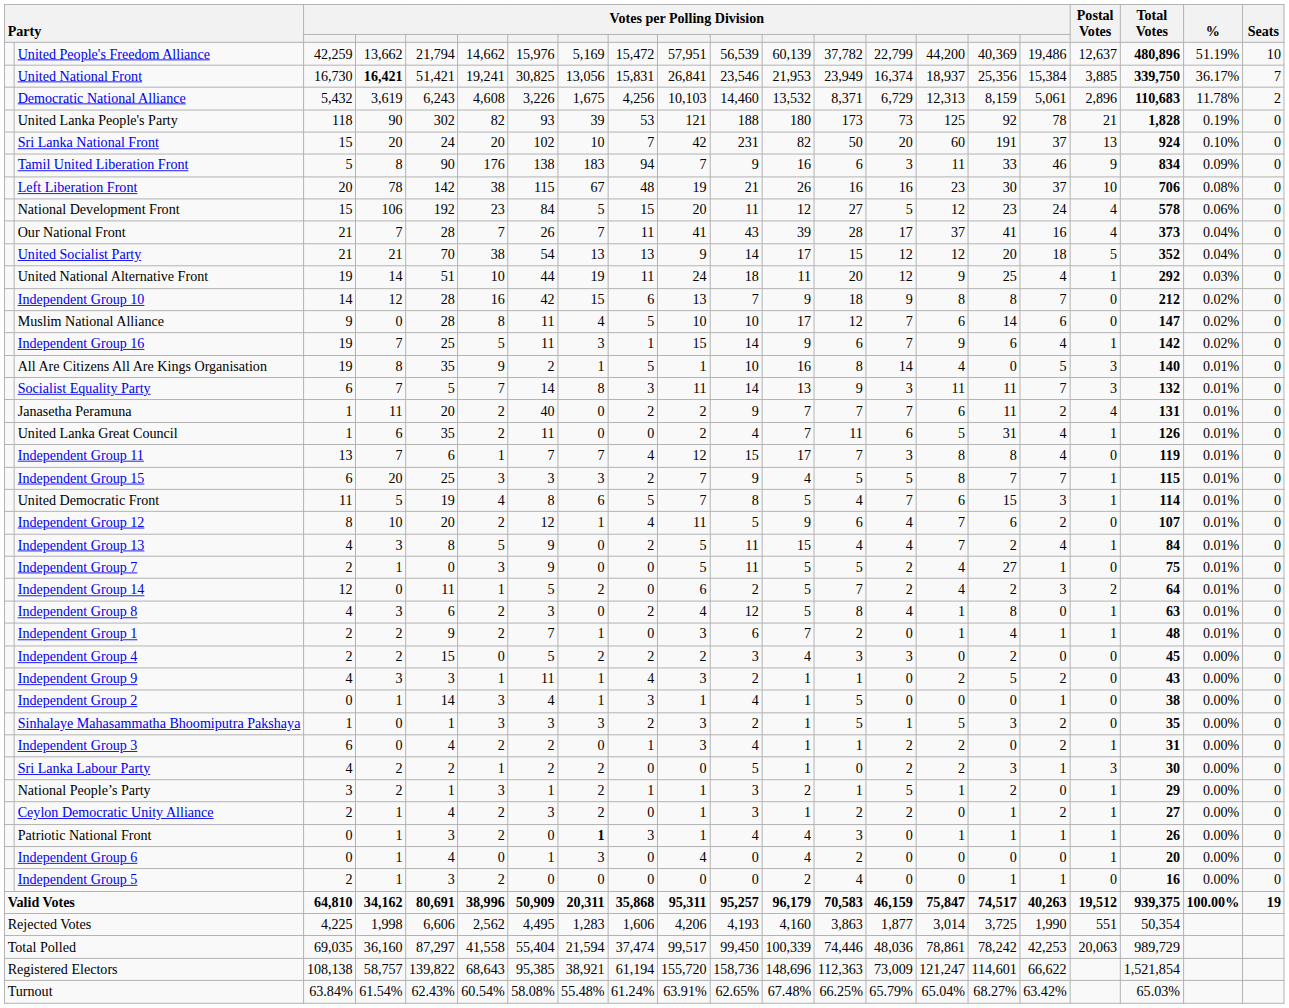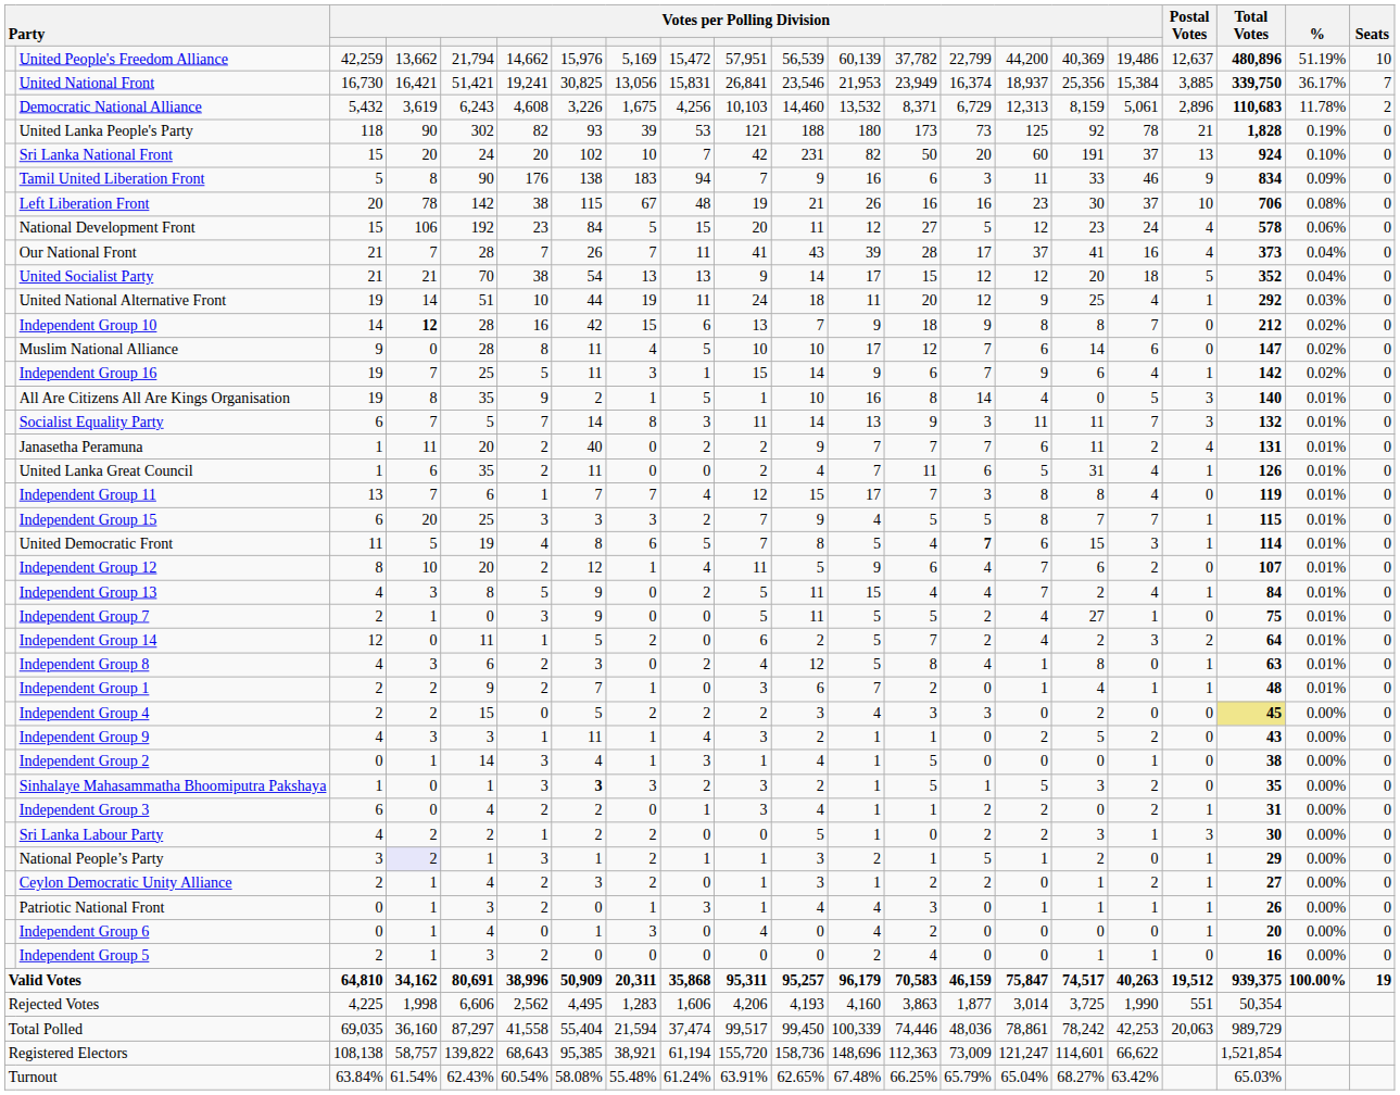 <table class="wikitable" style="text-align:right;">
 <tr>
 <th style="text-align:left; vertical-align:bottom;" rowspan="2" colspan="2">Party</th>
 <th colspan=15>Votes per Polling Division</th>
 <th rowspan="2" style="vertical-align:bottom; text-align:center; width:50px;">Postal<br>Votes</th>
 <th rowspan="2" style="vertical-align:bottom; text-align:center; width:50px;">Total Votes</th>
 <th rowspan="2" style="vertical-align:bottom; text-align:center; width:50px;">%</th>
 <th rowspan="2" style="vertical-align:bottom; text-align:center; width:40px;">Seats</th>
 </tr>
 <tr>
 <th></th>
 <th></th>
 <th></th>
 <th></th>
 <th></th>
 <th></th>
 <th></th>
 <th></th>
 <th></th>
 <th></th>
 <th></th>
 <th></th>
 <th></th>
 <th></th>
 <th></th>
 </tr>
 <tr>
 <td bgcolor=> </td>
 <td align=left><a href='#'>United People's Freedom Alliance</a></td>
 <td>42,259</td>
 <td>13,662</td>
 <td>21,794</td>
 <td>14,662</td>
 <td>15,976</td>
 <td>5,169</td>
 <td>15,472</td>
 <td>57,951</td>
 <td>56,539</td>
 <td>60,139</td>
 <td>37,782</td>
 <td>22,799</td>
 <td>44,200</td>
 <td>40,369</td>
 <td>19,486</td>
 <td>12,637</td>
 <td><strong>480,896</strong></td>
 <td>51.19%</td>
 <td>10</td>
 </tr>
 <tr>
 <td bgcolor=> </td>
 <td align=left><a href='#'>United National Front</a></td>
 <td>16,730</td>
-<td><strong>16,421</strong></td>
+<td>16,421</td>
 <td>51,421</td>
 <td>19,241</td>
 <td>30,825</td>
 <td>13,056</td>
 <td>15,831</td>
 <td>26,841</td>
 <td>23,546</td>
 <td>21,953</td>
 <td>23,949</td>
 <td>16,374</td>
 <td>18,937</td>
 <td>25,356</td>
 <td>15,384</td>
 <td>3,885</td>
 <td><strong>339,750</strong></td>
 <td>36.17%</td>
 <td>7</td>
 </tr>
 <tr>
 <td bgcolor=> </td>
 <td align=left><a href='#'>Democratic National Alliance</a></td>
 <td>5,432</td>
 <td>3,619</td>
 <td>6,243</td>
 <td>4,608</td>
 <td>3,226</td>
 <td>1,675</td>
 <td>4,256</td>
 <td>10,103</td>
 <td>14,460</td>
 <td>13,532</td>
 <td>8,371</td>
 <td>6,729</td>
 <td>12,313</td>
 <td>8,159</td>
 <td>5,061</td>
 <td>2,896</td>
 <td><strong>110,683</strong></td>
 <td>11.78%</td>
 <td>2</td>
 </tr>
 <tr>
 <td bgcolor=> </td>
 <td align=left>United Lanka People's Party</td>
 <td>118</td>
 <td>90</td>
 <td>302</td>
 <td>82</td>
 <td>93</td>
 <td>39</td>
 <td>53</td>
 <td>121</td>
 <td>188</td>
 <td>180</td>
 <td>173</td>
 <td>73</td>
 <td>125</td>
 <td>92</td>
 <td>78</td>
 <td>21</td>
 <td><strong>1,828</strong></td>
 <td>0.19%</td>
 <td>0</td>
 </tr>
 <tr>
 <td bgcolor=> </td>
 <td align=left><a href='#'>Sri Lanka National Front</a></td>
 <td>15</td>
 <td>20</td>
 <td>24</td>
 <td>20</td>
 <td>102</td>
 <td>10</td>
 <td>7</td>
 <td>42</td>
 <td>231</td>
 <td>82</td>
 <td>50</td>
 <td>20</td>
 <td>60</td>
 <td>191</td>
 <td>37</td>
 <td>13</td>
 <td><strong>924</strong></td>
 <td>0.10%</td>
 <td>0</td>
 </tr>
 <tr>
 <td bgcolor=> </td>
 <td align=left><a href='#'>Tamil United Liberation Front</a></td>
 <td>5</td>
 <td>8</td>
 <td>90</td>
 <td>176</td>
 <td>138</td>
 <td>183</td>
 <td>94</td>
 <td>7</td>
 <td>9</td>
 <td>16</td>
 <td>6</td>
 <td>3</td>
 <td>11</td>
 <td>33</td>
 <td>46</td>
 <td>9</td>
 <td><strong>834</strong></td>
 <td>0.09%</td>
 <td>0</td>
 </tr>
 <tr>
 <td bgcolor=> </td>
 <td align=left><a href='#'>Left Liberation Front</a></td>
 <td>20</td>
 <td>78</td>
 <td>142</td>
 <td>38</td>
 <td>115</td>
 <td>67</td>
 <td>48</td>
 <td>19</td>
 <td>21</td>
 <td>26</td>
 <td>16</td>
 <td>16</td>
 <td>23</td>
 <td>30</td>
 <td>37</td>
 <td>10</td>
 <td><strong>706</strong></td>
 <td>0.08%</td>
 <td>0</td>
 </tr>
 <tr>
 <td bgcolor=> </td>
 <td align=left>National Development Front</td>
 <td>15</td>
 <td>106</td>
 <td>192</td>
 <td>23</td>
 <td>84</td>
 <td>5</td>
 <td>15</td>
 <td>20</td>
 <td>11</td>
 <td>12</td>
 <td>27</td>
 <td>5</td>
 <td>12</td>
 <td>23</td>
 <td>24</td>
 <td>4</td>
 <td><strong>578</strong></td>
 <td>0.06%</td>
 <td>0</td>
 </tr>
 <tr>
 <td bgcolor=> </td>
 <td align=left>Our National Front</td>
 <td>21</td>
 <td>7</td>
 <td>28</td>
 <td>7</td>
 <td>26</td>
 <td>7</td>
 <td>11</td>
 <td>41</td>
 <td>43</td>
 <td>39</td>
 <td>28</td>
 <td>17</td>
 <td>37</td>
 <td>41</td>
 <td>16</td>
 <td>4</td>
 <td><strong>373</strong></td>
 <td>0.04%</td>
 <td>0</td>
 </tr>
 <tr>
 <td bgcolor=> </td>
 <td align=left><a href='#'>United Socialist Party</a></td>
 <td>21</td>
 <td>21</td>
 <td>70</td>
 <td>38</td>
 <td>54</td>
 <td>13</td>
 <td>13</td>
 <td>9</td>
 <td>14</td>
 <td>17</td>
 <td>15</td>
 <td>12</td>
 <td>12</td>
 <td>20</td>
 <td>18</td>
 <td>5</td>
 <td><strong>352</strong></td>
 <td>0.04%</td>
 <td>0</td>
 </tr>
 <tr>
 <td bgcolor=> </td>
 <td align=left>United National Alternative Front</td>
 <td>19</td>
 <td>14</td>
 <td>51</td>
 <td>10</td>
 <td>44</td>
 <td>19</td>
 <td>11</td>
 <td>24</td>
 <td>18</td>
 <td>11</td>
 <td>20</td>
 <td>12</td>
 <td>9</td>
 <td>25</td>
 <td>4</td>
 <td>1</td>
 <td><strong>292</strong></td>
 <td>0.03%</td>
 <td>0</td>
 </tr>
 <tr>
 <td bgcolor=> </td>
 <td align=left><a href='#'>Independent Group 10</a></td>
 <td>14</td>
-<td>12</td>
+<td><strong>12</strong></td>
 <td>28</td>
 <td>16</td>
 <td>42</td>
 <td>15</td>
 <td>6</td>
 <td>13</td>
 <td>7</td>
 <td>9</td>
 <td>18</td>
 <td>9</td>
 <td>8</td>
 <td>8</td>
 <td>7</td>
 <td>0</td>
 <td><strong>212</strong></td>
 <td>0.02%</td>
 <td>0</td>
 </tr>
 <tr>
 <td bgcolor=> </td>
 <td align=left>Muslim National Alliance</td>
 <td>9</td>
 <td>0</td>
 <td>28</td>
 <td>8</td>
 <td>11</td>
 <td>4</td>
 <td>5</td>
 <td>10</td>
 <td>10</td>
 <td>17</td>
 <td>12</td>
 <td>7</td>
 <td>6</td>
 <td>14</td>
 <td>6</td>
 <td>0</td>
 <td><strong>147</strong></td>
 <td>0.02%</td>
 <td>0</td>
 </tr>
 <tr>
 <td bgcolor=> </td>
 <td align=left><a href='#'>Independent Group 16</a></td>
 <td>19</td>
 <td>7</td>
 <td>25</td>
 <td>5</td>
 <td>11</td>
 <td>3</td>
 <td>1</td>
 <td>15</td>
 <td>14</td>
 <td>9</td>
 <td>6</td>
 <td>7</td>
 <td>9</td>
 <td>6</td>
 <td>4</td>
 <td>1</td>
 <td><strong>142</strong></td>
 <td>0.02%</td>
 <td>0</td>
 </tr>
 <tr>
 <td bgcolor=> </td>
 <td align=left>All Are Citizens All Are Kings Organisation</td>
 <td>19</td>
 <td>8</td>
 <td>35</td>
 <td>9</td>
 <td>2</td>
 <td>1</td>
 <td>5</td>
 <td>1</td>
 <td>10</td>
 <td>16</td>
 <td>8</td>
 <td>14</td>
 <td>4</td>
 <td>0</td>
 <td>5</td>
 <td>3</td>
 <td><strong>140</strong></td>
 <td>0.01%</td>
 <td>0</td>
 </tr>
 <tr>
 <td bgcolor=> </td>
 <td align=left><a href='#'>Socialist Equality Party</a></td>
 <td>6</td>
 <td>7</td>
 <td>5</td>
 <td>7</td>
 <td>14</td>
 <td>8</td>
 <td>3</td>
 <td>11</td>
 <td>14</td>
 <td>13</td>
 <td>9</td>
 <td>3</td>
 <td>11</td>
 <td>11</td>
 <td>7</td>
 <td>3</td>
 <td><strong>132</strong></td>
 <td>0.01%</td>
 <td>0</td>
 </tr>
 <tr>
 <td bgcolor=> </td>
 <td align=left>Janasetha Peramuna</td>
 <td>1</td>
 <td>11</td>
 <td>20</td>
 <td>2</td>
 <td>40</td>
 <td>0</td>
 <td>2</td>
 <td>2</td>
 <td>9</td>
 <td>7</td>
 <td>7</td>
 <td>7</td>
 <td>6</td>
 <td>11</td>
 <td>2</td>
 <td>4</td>
 <td><strong>131</strong></td>
 <td>0.01%</td>
 <td>0</td>
 </tr>
 <tr>
 <td bgcolor=> </td>
 <td align=left>United Lanka Great Council</td>
 <td>1</td>
 <td>6</td>
 <td>35</td>
 <td>2</td>
 <td>11</td>
 <td>0</td>
 <td>0</td>
 <td>2</td>
 <td>4</td>
 <td>7</td>
 <td>11</td>
 <td>6</td>
 <td>5</td>
 <td>31</td>
 <td>4</td>
 <td>1</td>
 <td><strong>126</strong></td>
 <td>0.01%</td>
 <td>0</td>
 </tr>
 <tr>
 <td bgcolor=> </td>
 <td align=left><a href='#'>Independent Group 11</a></td>
 <td>13</td>
 <td>7</td>
 <td>6</td>
 <td>1</td>
 <td>7</td>
 <td>7</td>
 <td>4</td>
 <td>12</td>
 <td>15</td>
 <td>17</td>
 <td>7</td>
 <td>3</td>
 <td>8</td>
 <td>8</td>
 <td>4</td>
 <td>0</td>
 <td><strong>119</strong></td>
 <td>0.01%</td>
 <td>0</td>
 </tr>
 <tr>
 <td bgcolor=> </td>
 <td align=left><a href='#'>Independent Group 15</a></td>
 <td>6</td>
 <td>20</td>
 <td>25</td>
 <td>3</td>
 <td>3</td>
 <td>3</td>
 <td>2</td>
 <td>7</td>
 <td>9</td>
 <td>4</td>
 <td>5</td>
 <td>5</td>
 <td>8</td>
 <td>7</td>
 <td>7</td>
 <td>1</td>
 <td><strong>115</strong></td>
 <td>0.01%</td>
 <td>0</td>
 </tr>
 <tr>
 <td bgcolor=> </td>
 <td align=left>United Democratic Front</td>
 <td>11</td>
 <td>5</td>
 <td>19</td>
 <td>4</td>
 <td>8</td>
 <td>6</td>
 <td>5</td>
 <td>7</td>
 <td>8</td>
 <td>5</td>
 <td>4</td>
-<td>7</td>
+<td><strong>7</strong></td>
 <td>6</td>
 <td>15</td>
 <td>3</td>
 <td>1</td>
 <td><strong>114</strong></td>
 <td>0.01%</td>
 <td>0</td>
 </tr>
 <tr>
 <td bgcolor=> </td>
 <td align=left><a href='#'>Independent Group 12</a></td>
 <td>8</td>
 <td>10</td>
 <td>20</td>
 <td>2</td>
 <td>12</td>
 <td>1</td>
 <td>4</td>
 <td>11</td>
 <td>5</td>
 <td>9</td>
 <td>6</td>
 <td>4</td>
 <td>7</td>
 <td>6</td>
 <td>2</td>
 <td>0</td>
 <td><strong>107</strong></td>
 <td>0.01%</td>
 <td>0</td>
 </tr>
 <tr>
 <td bgcolor=> </td>
 <td align=left><a href='#'>Independent Group 13</a></td>
 <td>4</td>
 <td>3</td>
 <td>8</td>
 <td>5</td>
 <td>9</td>
 <td>0</td>
 <td>2</td>
 <td>5</td>
 <td>11</td>
 <td>15</td>
 <td>4</td>
 <td>4</td>
 <td>7</td>
 <td>2</td>
 <td>4</td>
 <td>1</td>
 <td><strong>84</strong></td>
 <td>0.01%</td>
 <td>0</td>
 </tr>
 <tr>
 <td bgcolor=> </td>
 <td align=left><a href='#'>Independent Group 7</a></td>
 <td>2</td>
 <td>1</td>
 <td>0</td>
 <td>3</td>
 <td>9</td>
 <td>0</td>
 <td>0</td>
 <td>5</td>
 <td>11</td>
 <td>5</td>
 <td>5</td>
 <td>2</td>
 <td>4</td>
 <td>27</td>
 <td>1</td>
 <td>0</td>
 <td><strong>75</strong></td>
 <td>0.01%</td>
 <td>0</td>
 </tr>
 <tr>
 <td bgcolor=> </td>
 <td align=left><a href='#'>Independent Group 14</a></td>
 <td>12</td>
 <td>0</td>
 <td>11</td>
 <td>1</td>
 <td>5</td>
 <td>2</td>
 <td>0</td>
 <td>6</td>
 <td>2</td>
 <td>5</td>
 <td>7</td>
 <td>2</td>
 <td>4</td>
 <td>2</td>
 <td>3</td>
 <td>2</td>
 <td><strong>64</strong></td>
 <td>0.01%</td>
 <td>0</td>
 </tr>
 <tr>
 <td bgcolor=> </td>
 <td align=left><a href='#'>Independent Group 8</a></td>
 <td>4</td>
 <td>3</td>
 <td>6</td>
 <td>2</td>
 <td>3</td>
 <td>0</td>
 <td>2</td>
 <td>4</td>
 <td>12</td>
 <td>5</td>
 <td>8</td>
 <td>4</td>
 <td>1</td>
 <td>8</td>
 <td>0</td>
 <td>1</td>
 <td><strong>63</strong></td>
 <td>0.01%</td>
 <td>0</td>
 </tr>
 <tr>
 <td bgcolor=> </td>
 <td align=left><a href='#'>Independent Group 1</a></td>
 <td>2</td>
 <td>2</td>
 <td>9</td>
 <td>2</td>
 <td>7</td>
 <td>1</td>
 <td>0</td>
 <td>3</td>
 <td>6</td>
 <td>7</td>
 <td>2</td>
 <td>0</td>
 <td>1</td>
 <td>4</td>
 <td>1</td>
 <td>1</td>
 <td><strong>48</strong></td>
 <td>0.01%</td>
 <td>0</td>
 </tr>
 <tr>
 <td bgcolor=> </td>
 <td align=left><a href='#'>Independent Group 4</a></td>
 <td>2</td>
 <td>2</td>
 <td>15</td>
 <td>0</td>
 <td>5</td>
 <td>2</td>
 <td>2</td>
 <td>2</td>
 <td>3</td>
 <td>4</td>
 <td>3</td>
 <td>3</td>
 <td>0</td>
 <td>2</td>
 <td>0</td>
 <td>0</td>
-<td><strong>45</strong></td>
+<td style="background: khaki;"><strong>45</strong></td>
 <td>0.00%</td>
 <td>0</td>
 </tr>
 <tr>
 <td bgcolor=> </td>
 <td align=left><a href='#'>Independent Group 9</a></td>
 <td>4</td>
 <td>3</td>
 <td>3</td>
 <td>1</td>
 <td>11</td>
 <td>1</td>
 <td>4</td>
 <td>3</td>
 <td>2</td>
 <td>1</td>
 <td>1</td>
 <td>0</td>
 <td>2</td>
 <td>5</td>
 <td>2</td>
 <td>0</td>
 <td><strong>43</strong></td>
 <td>0.00%</td>
 <td>0</td>
 </tr>
 <tr>
 <td bgcolor=> </td>
 <td align=left><a href='#'>Independent Group 2</a></td>
 <td>0</td>
 <td>1</td>
 <td>14</td>
 <td>3</td>
 <td>4</td>
 <td>1</td>
 <td>3</td>
 <td>1</td>
 <td>4</td>
 <td>1</td>
 <td>5</td>
 <td>0</td>
 <td>0</td>
 <td>0</td>
 <td>1</td>
 <td>0</td>
 <td><strong>38</strong></td>
 <td>0.00%</td>
 <td>0</td>
 </tr>
 <tr>
 <td bgcolor=> </td>
 <td align=left><a href='#'>Sinhalaye Mahasammatha Bhoomiputra Pakshaya</a></td>
 <td>1</td>
 <td>0</td>
 <td>1</td>
 <td>3</td>
-<td>3</td>
+<td><strong>3</strong></td>
 <td>3</td>
 <td>2</td>
 <td>3</td>
 <td>2</td>
 <td>1</td>
 <td>5</td>
 <td>1</td>
 <td>5</td>
 <td>3</td>
 <td>2</td>
 <td>0</td>
 <td><strong>35</strong></td>
 <td>0.00%</td>
 <td>0</td>
 </tr>
 <tr>
 <td bgcolor=> </td>
 <td align=left><a href='#'>Independent Group 3</a></td>
 <td>6</td>
 <td>0</td>
 <td>4</td>
 <td>2</td>
 <td>2</td>
 <td>0</td>
 <td>1</td>
 <td>3</td>
 <td>4</td>
 <td>1</td>
 <td>1</td>
 <td>2</td>
 <td>2</td>
 <td>0</td>
 <td>2</td>
 <td>1</td>
 <td><strong>31</strong></td>
 <td>0.00%</td>
 <td>0</td>
 </tr>
 <tr>
 <td bgcolor=> </td>
 <td align=left><a href='#'>Sri Lanka Labour Party</a></td>
 <td>4</td>
 <td>2</td>
 <td>2</td>
 <td>1</td>
 <td>2</td>
 <td>2</td>
 <td>0</td>
 <td>0</td>
 <td>5</td>
 <td>1</td>
 <td>0</td>
 <td>2</td>
 <td>2</td>
 <td>3</td>
 <td>1</td>
 <td>3</td>
 <td><strong>30</strong></td>
 <td>0.00%</td>
 <td>0</td>
 </tr>
 <tr>
 <td bgcolor=> </td>
 <td align=left>National People’s Party</td>
 <td>3</td>
-<td>2</td>
+<td style="background: lavender;">2</td>
 <td>1</td>
 <td>3</td>
 <td>1</td>
 <td>2</td>
 <td>1</td>
 <td>1</td>
 <td>3</td>
 <td>2</td>
 <td>1</td>
 <td>5</td>
 <td>1</td>
 <td>2</td>
 <td>0</td>
 <td>1</td>
 <td><strong>29</strong></td>
 <td>0.00%</td>
 <td>0</td>
 </tr>
 <tr>
 <td bgcolor=> </td>
 <td align=left><a href='#'>Ceylon Democratic Unity Alliance</a></td>
 <td>2</td>
 <td>1</td>
 <td>4</td>
 <td>2</td>
 <td>3</td>
 <td>2</td>
 <td>0</td>
 <td>1</td>
 <td>3</td>
 <td>1</td>
 <td>2</td>
 <td>2</td>
 <td>0</td>
 <td>1</td>
 <td>2</td>
 <td>1</td>
 <td><strong>27</strong></td>
 <td>0.00%</td>
 <td>0</td>
 </tr>
 <tr>
 <td bgcolor=> </td>
 <td align=left>Patriotic National Front</td>
 <td>0</td>
 <td>1</td>
 <td>3</td>
 <td>2</td>
 <td>0</td>
-<td><strong>1</strong></td>
+<td>1</td>
 <td>3</td>
 <td>1</td>
 <td>4</td>
 <td>4</td>
 <td>3</td>
 <td>0</td>
 <td>1</td>
 <td>1</td>
 <td>1</td>
 <td>1</td>
 <td><strong>26</strong></td>
 <td>0.00%</td>
 <td>0</td>
 </tr>
 <tr>
 <td bgcolor=> </td>
 <td align=left><a href='#'>Independent Group 6</a></td>
 <td>0</td>
 <td>1</td>
 <td>4</td>
 <td>0</td>
 <td>1</td>
 <td>3</td>
 <td>0</td>
 <td>4</td>
 <td>0</td>
 <td>4</td>
 <td>2</td>
 <td>0</td>
 <td>0</td>
 <td>0</td>
 <td>0</td>
 <td>1</td>
 <td><strong>20</strong></td>
 <td>0.00%</td>
 <td>0</td>
 </tr>
 <tr>
 <td bgcolor=> </td>
 <td align=left><a href='#'>Independent Group 5</a></td>
 <td>2</td>
 <td>1</td>
 <td>3</td>
 <td>2</td>
 <td>0</td>
 <td>0</td>
 <td>0</td>
 <td>0</td>
 <td>0</td>
 <td>2</td>
 <td>4</td>
 <td>0</td>
 <td>0</td>
 <td>1</td>
 <td>1</td>
 <td>0</td>
 <td><strong>16</strong></td>
 <td>0.00%</td>
 <td>0</td>
 </tr>
 <tr style="font-weight:bold">
 <td style="text-align:left;" colspan="2">Valid Votes</td>
 <td>64,810</td>
 <td>34,162</td>
 <td>80,691</td>
 <td>38,996</td>
 <td>50,909</td>
 <td>20,311</td>
 <td>35,868</td>
 <td>95,311</td>
 <td>95,257</td>
 <td>96,179</td>
 <td>70,583</td>
 <td>46,159</td>
 <td>75,847</td>
 <td>74,517</td>
 <td>40,263</td>
 <td>19,512</td>
 <td>939,375</td>
 <td>100.00%</td>
 <td>19</td>
 </tr>
 <tr>
 <td style="text-align:left;" colspan="2">Rejected Votes</td>
 <td>4,225</td>
 <td>1,998</td>
 <td>6,606</td>
 <td>2,562</td>
 <td>4,495</td>
 <td>1,283</td>
 <td>1,606</td>
 <td>4,206</td>
 <td>4,193</td>
 <td>4,160</td>
 <td>3,863</td>
 <td>1,877</td>
 <td>3,014</td>
 <td>3,725</td>
 <td>1,990</td>
 <td>551</td>
 <td>50,354</td>
 <td></td>
 <td></td>
 </tr>
 <tr>
 <td style="text-align:left;" colspan="2">Total Polled</td>
 <td>69,035</td>
 <td>36,160</td>
 <td>87,297</td>
 <td>41,558</td>
 <td>55,404</td>
 <td>21,594</td>
 <td>37,474</td>
 <td>99,517</td>
 <td>99,450</td>
 <td>100,339</td>
 <td>74,446</td>
 <td>48,036</td>
 <td>78,861</td>
 <td>78,242</td>
 <td>42,253</td>
 <td>20,063</td>
 <td>989,729</td>
 <td></td>
 <td></td>
 </tr>
 <tr>
 <td style="text-align:left;" colspan="2">Registered Electors</td>
 <td>108,138</td>
 <td>58,757</td>
 <td>139,822</td>
 <td>68,643</td>
 <td>95,385</td>
 <td>38,921</td>
 <td>61,194</td>
 <td>155,720</td>
 <td>158,736</td>
 <td>148,696</td>
 <td>112,363</td>
 <td>73,009</td>
 <td>121,247</td>
 <td>114,601</td>
 <td>66,622</td>
 <td></td>
 <td>1,521,854</td>
 <td></td>
 <td></td>
 </tr>
 <tr>
 <td style="text-align:left;" colspan="2">Turnout</td>
 <td>63.84%</td>
 <td>61.54%</td>
 <td>62.43%</td>
 <td>60.54%</td>
 <td>58.08%</td>
 <td>55.48%</td>
 <td>61.24%</td>
 <td>63.91%</td>
 <td>62.65%</td>
 <td>67.48%</td>
 <td>66.25%</td>
 <td>65.79%</td>
 <td>65.04%</td>
 <td>68.27%</td>
 <td>63.42%</td>
 <td></td>
 <td>65.03%</td>
 <td></td>
 <td></td>
 </tr>
 </table>
